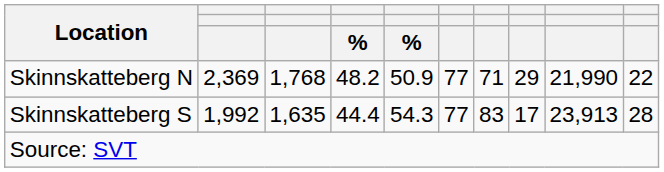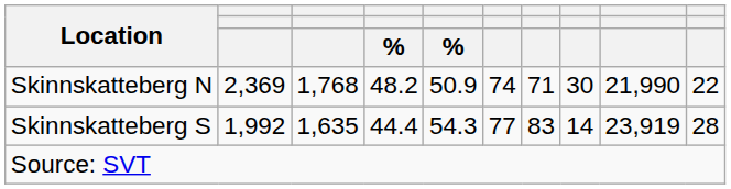 <table role="presentation" class="wikitable sortable mw-collapsible">
 <tr>
 <th rowspan="3">Location</th>
 <th></th>
 <th></th>
 <th></th>
 <th></th>
 <th></th>
 <th></th>
 <th></th>
 <th></th>
 <th></th>
 </tr>
 <tr>
 <th></th>
 <th></th>
 <th style="background:"></th>
 <th style="background:"></th>
 <th></th>
 <th></th>
 <th></th>
 <th></th>
 <th></th>
 </tr>
 <tr>
 <th data-sort-type="number"></th>
 <th data-sort-type="number"></th>
 <th data-sort-type="number">%</th>
 <th data-sort-type="number">%</th>
 <th data-sort-type="number"></th>
 <th data-sort-type="number"></th>
 <th data-sort-type="number"></th>
 <th data-sort-type="number"></th>
 <th data-sort-type="number"></th>
 </tr>
 <tr>
 <td align="left">Skinnskatteberg N</td>
 <td>2,369</td>
 <td>1,768</td>
 <td>48.2</td>
 <td>50.9</td>
-<td>77</td>
+<td>74</td>
 <td>71</td>
-<td>29</td>
+<td>30</td>
 <td>21,990</td>
 <td>22</td>
 </tr>
 <tr>
 <td align="left">Skinnskatteberg S</td>
 <td>1,992</td>
 <td>1,635</td>
 <td>44.4</td>
 <td>54.3</td>
 <td>77</td>
 <td>83</td>
-<td>17</td>
-<td>23,913</td>
+<td>14</td>
+<td>23,919</td>
 <td>28</td>
 </tr>
 <tr>
 <td colspan="10" align="left">Source: <a href='#'>SVT</a></td>
 </tr>
 </table>
